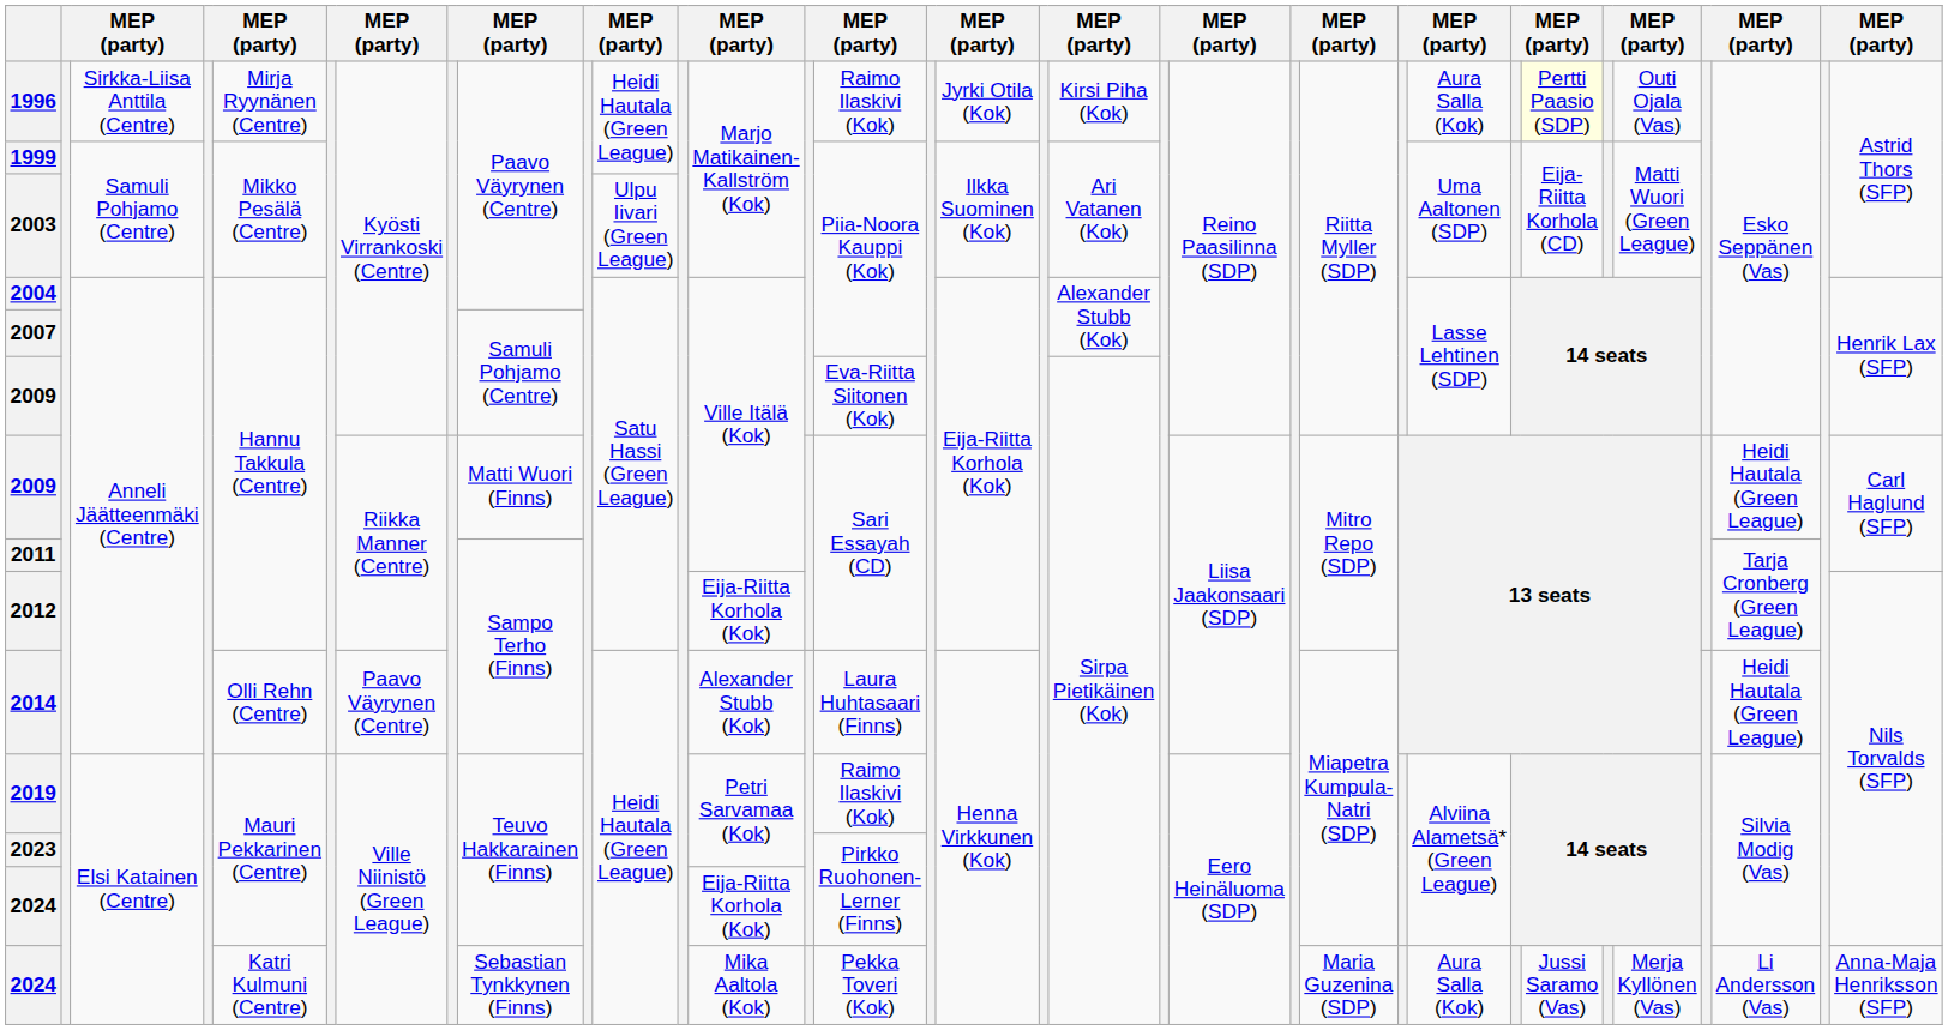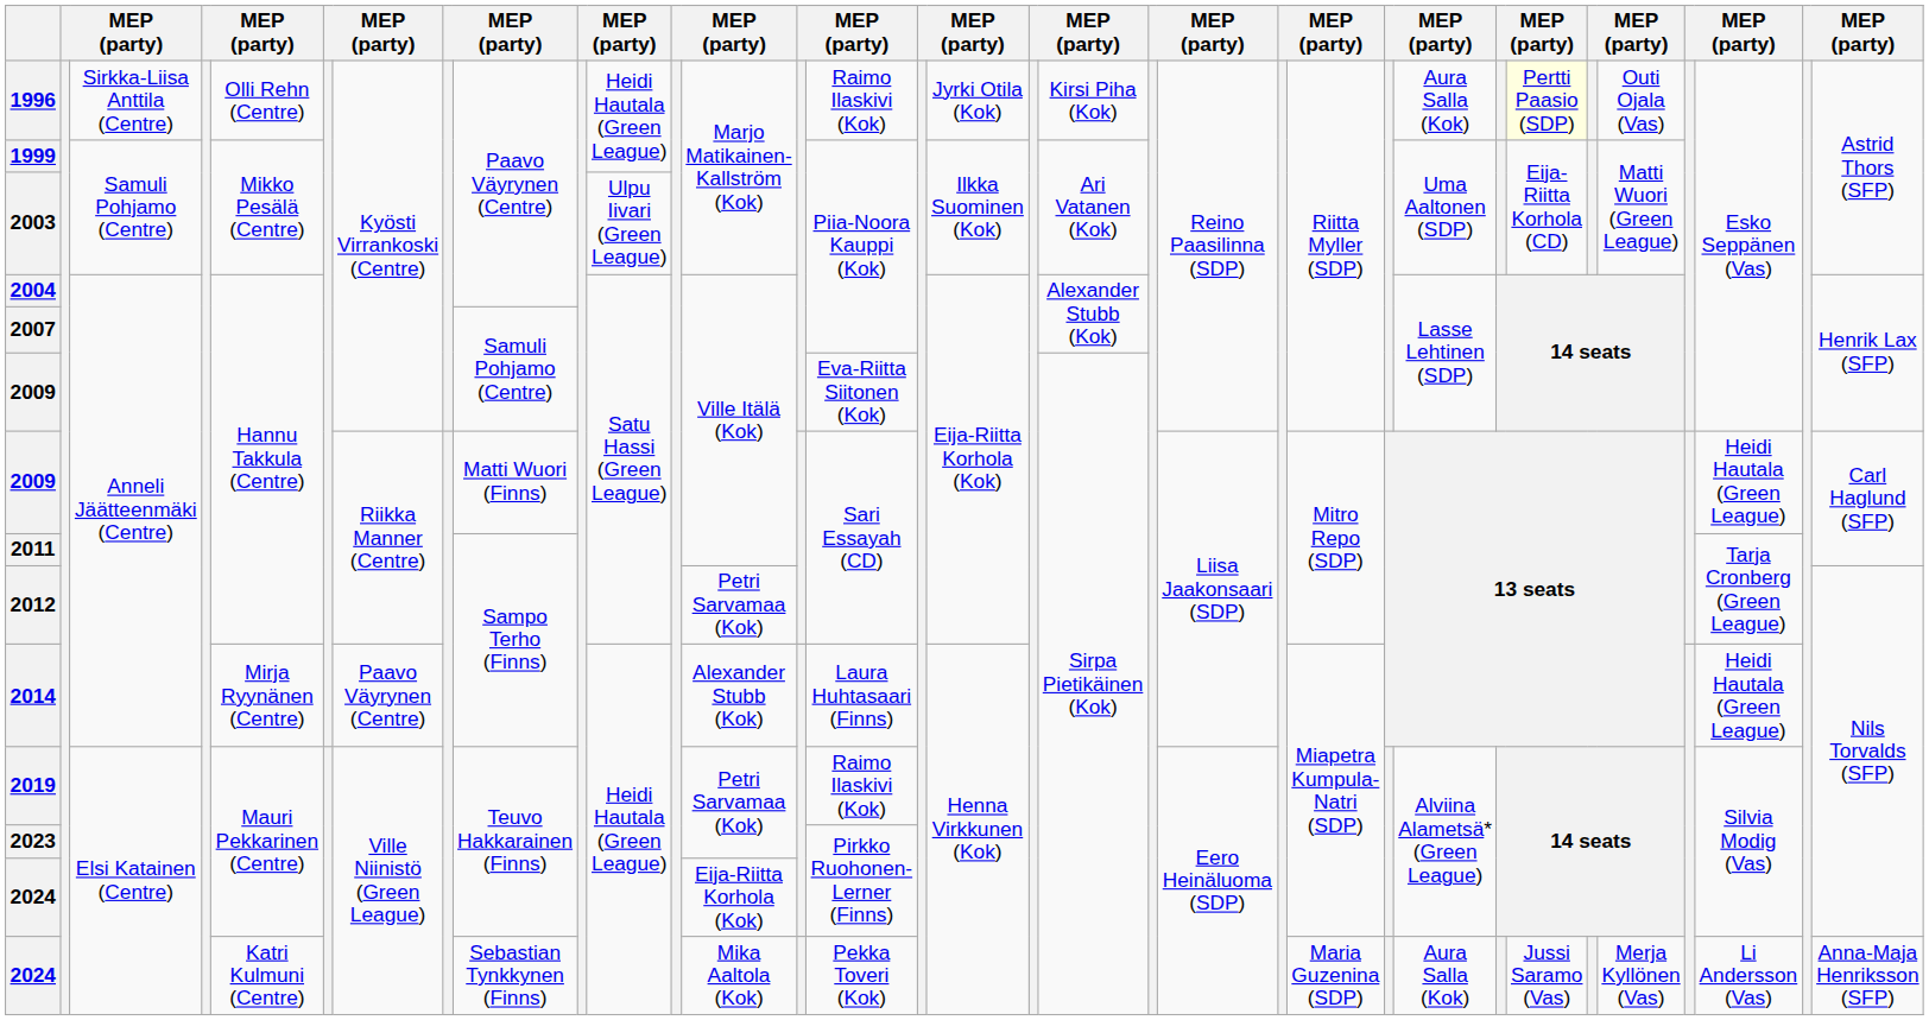 <table class="wikitable" style="text-align:center">
 <tr>
 <th></th>
 <th colspan=2>MEP<br>(party)</th>
 <th colspan=2>MEP<br>(party)</th>
 <th colspan=2>MEP<br>(party)</th>
 <th colspan=2>MEP<br>(party)</th>
 <th colspan=2>MEP<br>(party)</th>
 <th colspan=2>MEP<br>(party)</th>
 <th colspan=2>MEP<br>(party)</th>
 <th colspan=2>MEP<br>(party)</th>
 <th colspan=2>MEP<br>(party)</th>
 <th colspan=2>MEP<br>(party)</th>
 <th colspan=2>MEP<br>(party)</th>
 <th colspan=2>MEP<br>(party)</th>
 <th colspan=2>MEP<br>(party)</th>
 <th colspan=2>MEP<br>(party)</th>
 <th colspan=2>MEP<br>(party)</th>
 <th colspan=2>MEP<br>(party)</th>
 </tr>
 <tr>
 <th><a href='#'>1996</a></th>
 <th rowspan=14 style="background-color: "></th>
 <td rowspan=1><a href='#'>Sirkka-Liisa Anttila</a><br>(<a href='#'>Centre</a>)</td>
 <th rowspan=14 style="background-color: "></th>
-<td rowspan=1><a href='#'>Mirja Ryynänen</a><br>(<a href='#'>Centre</a>)</td>
+<td rowspan=1><a href='#'>Olli Rehn</a><br>(<a href='#'>Centre</a>)</td>
 <th rowspan=10 style="background-color: "></th>
 <td rowspan=6><a href='#'>Kyösti Virrankoski</a><br>(<a href='#'>Centre</a>)</td>
 <th rowspan=6 style="background-color: "></th>
 <td rowspan=4><a href='#'>Paavo Väyrynen</a><br>(<a href='#'>Centre</a>)</td>
 <th rowspan=14 style="background-color: "></th>
 <td rowspan=2><a href='#'>Heidi Hautala</a><br>(<a href='#'>Green League</a>)</td>
 <th rowspan=14 style="background-color: "></th>
 <td rowspan=3><a href='#'>Marjo Matikainen-Kallström</a><br>(<a href='#'>Kok</a>)</td>
 <th rowspan=6 style="background-color: "></th>
 <td rowspan=1><a href='#'>Raimo Ilaskivi</a><br>(<a href='#'>Kok</a>)</td>
 <th rowspan=14 style="background-color: "></th>
 <td rowspan=1><a href='#'>Jyrki Otila</a><br>(<a href='#'>Kok</a>)</td>
 <th rowspan=14 style="background-color: "></th>
 <td rowspan=1><a href='#'>Kirsi Piha</a><br>(<a href='#'>Kok</a>)</td>
 <th rowspan=14 style="background-color: "></th>
 <td rowspan=6><a href='#'>Reino Paasilinna</a><br>(<a href='#'>SDP</a>)</td>
 <th rowspan=14 style="background-color: "></th>
 <td rowspan=6><a href='#'>Riitta Myller</a><br>(<a href='#'>SDP</a>)</td>
 <th rowspan=6 style="background-color: "></th>
 <td rowspan=1><a href='#'>Aura Salla</a><br>(<a href='#'>Kok</a>)</td>
 <th rowspan=1 style="background-color: "></th>
 <td rowspan=1 style="background: lightyellow;"><a href='#'>Pertti Paasio</a><br>(<a href='#'>SDP</a>)</td>
 <th rowspan=1 style="background-color: "></th>
 <td rowspan=1><a href='#'>Outi Ojala</a><br>(<a href='#'>Vas</a>)</td>
 <th rowspan=6 style="background-color: "></th>
 <td rowspan=6><a href='#'>Esko Seppänen</a><br>(<a href='#'>Vas</a>)</td>
 <th rowspan=15 style="background-color: "></th>
 <td rowspan=3><a href='#'>Astrid Thors</a><br>(<a href='#'>SFP</a>)</td>
 </tr>
 <tr>
 <th><a href='#'>1999</a></th>
 <td rowspan=2><a href='#'>Samuli Pohjamo</a><br>(<a href='#'>Centre</a>)</td>
 <td rowspan=2><a href='#'>Mikko Pesälä</a><br>(<a href='#'>Centre</a>)</td>
 <td rowspan=4><a href='#'>Piia-Noora Kauppi</a><br>(<a href='#'>Kok</a>)</td>
 <td rowspan=2><a href='#'>Ilkka Suominen</a><br>(<a href='#'>Kok</a>)</td>
 <td rowspan=2><a href='#'>Ari Vatanen</a><br>(<a href='#'>Kok</a>)</td>
 <td rowspan=2><a href='#'>Uma Aaltonen</a><br>(<a href='#'>SDP</a>)</td>
 <th rowspan=2 style="background-color: "></th>
 <td rowspan=2><a href='#'>Eija-Riitta Korhola</a><br>(<a href='#'>CD</a>)</td>
 <th rowspan=2 style="background-color: "></th>
 <td rowspan=2><a href='#'>Matti Wuori</a><br>(<a href='#'>Green League</a>)</td>
 </tr>
 <tr>
 <th>2003</th>
 <td rowspan=1><a href='#'>Ulpu Iivari</a><br>(<a href='#'>Green League</a>)</td>
 </tr>
 <tr>
 <th><a href='#'>2004</a></th>
 <td rowspan=7><a href='#'>Anneli Jäätteenmäki</a><br>(<a href='#'>Centre</a>)</td>
 <td rowspan=6><a href='#'>Hannu Takkula</a><br>(<a href='#'>Centre</a>)</td>
 <td rowspan=6><a href='#'>Satu Hassi</a><br>(<a href='#'>Green League</a>)</td>
 <td rowspan=5><a href='#'>Ville Itälä</a><br>(<a href='#'>Kok</a>)</td>
 <td rowspan=6><a href='#'>Eija-Riitta Korhola</a><br>(<a href='#'>Kok</a>)</td>
 <td rowspan=2><a href='#'>Alexander Stubb</a><br>(<a href='#'>Kok</a>)</td>
 <td rowspan=3><a href='#'>Lasse Lehtinen</a><br>(<a href='#'>SDP</a>)</td>
 <th colspan=4; rowspan=3>14 seats</th>
 <td rowspan=3><a href='#'>Henrik Lax</a><br>(<a href='#'>SFP</a>)</td>
 </tr>
 <tr>
 <th>2007</th>
 <td rowspan=2><a href='#'>Samuli Pohjamo</a><br>(<a href='#'>Centre</a>)</td>
 </tr>
 <tr>
 <th>2009</th>
 <td rowspan=1><a href='#'>Eva-Riitta Siitonen</a><br>(<a href='#'>Kok</a>)</td>
 <td rowspan=9><a href='#'>Sirpa Pietikäinen</a><br>(<a href='#'>Kok</a>)</td>
 </tr>
 <tr>
 <th><a href='#'>2009</a></th>
 <td rowspan=3><a href='#'>Riikka Manner</a><br>(<a href='#'>Centre</a>)</td>
 <th rowspan=8 style="background-color: "></th>
 <td rowspan=1><a href='#'>Matti Wuori</a><br>(<a href='#'>Finns</a>)</td>
 <th rowspan=3 style="background-color: "></th>
 <td rowspan=3><a href='#'>Sari Essayah</a><br>(<a href='#'>CD</a>)</td>
 <td rowspan=4><a href='#'>Liisa Jaakonsaari</a><br>(<a href='#'>SDP</a>)</td>
 <td rowspan=3><a href='#'>Mitro Repo</a><br>(<a href='#'>SDP</a>)</td>
 <th colspan=6; rowspan=4>13 seats</th>
 <th rowspan=3 style="background-color: "></th>
 <td rowspan=1><a href='#'>Heidi Hautala</a><br>(<a href='#'>Green League</a>)</td>
 <td rowspan=2><a href='#'>Carl Haglund</a><br>(<a href='#'>SFP</a>)</td>
 </tr>
 <tr>
 <th>2011</th>
 <td rowspan=3><a href='#'>Sampo Terho</a><br>(<a href='#'>Finns</a>)</td>
 <td rowspan=2><a href='#'>Tarja Cronberg</a><br>(<a href='#'>Green League</a>)</td>
 </tr>
 <tr>
 <th>2012</th>
-<td rowspan=1><a href='#'>Eija-Riitta Korhola</a><br>(<a href='#'>Kok</a>)</td>
+<td rowspan=1><a href='#'>Petri Sarvamaa</a><br>(<a href='#'>Kok</a>)</td>
 <td rowspan=5><a href='#'>Nils Torvalds</a><br>(<a href='#'>SFP</a>)</td>
 </tr>
 <tr>
 <th><a href='#'>2014</a></th>
-<td rowspan=1><a href='#'>Olli Rehn</a><br>(<a href='#'>Centre</a>)</td>
+<td rowspan=1><a href='#'>Mirja Ryynänen</a><br>(<a href='#'>Centre</a>)</td>
 <td rowspan=1><a href='#'>Paavo Väyrynen</a><br>(<a href='#'>Centre</a>)</td>
 <td rowspan=5><a href='#'>Heidi Hautala</a><br>(<a href='#'>Green League</a>)</td>
 <td rowspan=1><a href='#'>Alexander Stubb</a><br>(<a href='#'>Kok</a>)</td>
 <th rowspan=4 style="background-color: "></th>
 <td rowspan=1><a href='#'>Laura Huhtasaari</a><br>(<a href='#'>Finns</a>)</td>
 <td rowspan=5><a href='#'>Henna Virkkunen</a><br>(<a href='#'>Kok</a>)</td>
 <td rowspan=4><a href='#'>Miapetra Kumpula-Natri</a><br>(<a href='#'>SDP</a>)</td>
 <th rowspan=5 style="background-color: "></th>
 <td rowspan=1><a href='#'>Heidi Hautala</a><br>(<a href='#'>Green League</a>)</td>
 </tr>
 <tr>
 <th><a href='#'>2019</a></th>
 <td rowspan=4><a href='#'>Elsi Katainen</a><br>(<a href='#'>Centre</a>)</td>
 <td rowspan=3><a href='#'>Mauri Pekkarinen</a><br>(<a href='#'>Centre</a>)</td>
 <th rowspan=4 style="background-color: "></th>
 <td rowspan=4><a href='#'>Ville Niinistö</a><br>(<a href='#'>Green League</a>)</td>
 <td rowspan=3><a href='#'>Teuvo Hakkarainen</a><br>(<a href='#'>Finns</a>)</td>
 <td rowspan=2><a href='#'>Petri Sarvamaa</a><br>(<a href='#'>Kok</a>)</td>
 <td rowspan=1><a href='#'>Raimo Ilaskivi</a><br>(<a href='#'>Kok</a>)</td>
 <td rowspan=4><a href='#'>Eero Heinäluoma</a><br>(<a href='#'>SDP</a>)</td>
 <th rowspan=3 style="background-color: "></th>
 <td rowspan=3><a href='#'>Alviina Alametsä</a>*<br>(<a href='#'>Green League</a>)</td>
 <th colspan=4; rowspan=3>14 seats</th>
 <td rowspan=3><a href='#'>Silvia Modig</a><br>(<a href='#'>Vas</a>)</td>
 </tr>
 <tr>
 <th>2023</th>
 <td rowspan=2><a href='#'>Pirkko Ruohonen-Lerner</a><br>(<a href='#'>Finns</a>)</td>
 </tr>
 <tr>
 <th>2024</th>
 <td rowspan=1><a href='#'>Eija-Riitta Korhola</a><br>(<a href='#'>Kok</a>)</td>
 </tr>
 <tr>
 <th><a href='#'>2024</a></th>
 <td rowspan=1><a href='#'>Katri Kulmuni</a><br>(<a href='#'>Centre</a>)</td>
 <td rowspan=1><a href='#'>Sebastian Tynkkynen</a><br>(<a href='#'>Finns</a>)</td>
 <td rowspan=1><a href='#'>Mika Aaltola</a><br>(<a href='#'>Kok</a>)</td>
 <th rowspan=1 style="background-color: "></th>
 <td rowspan=1><a href='#'>Pekka Toveri</a><br>(<a href='#'>Kok</a>)</td>
 <td rowspan=1><a href='#'>Maria Guzenina</a><br>(<a href='#'>SDP</a>)</td>
 <th rowspan=1 style="background-color: "></th>
 <td rowspan=1><a href='#'>Aura Salla</a><br>(<a href='#'>Kok</a>)</td>
 <th rowspan=1 style="background-color: "></th>
 <td rowspan=1><a href='#'>Jussi Saramo</a><br>(<a href='#'>Vas</a>)</td>
 <th rowspan=1 style="background-color: "></th>
 <td rowspan=1><a href='#'>Merja Kyllönen</a><br>(<a href='#'>Vas</a>)</td>
 <td rowspan=1><a href='#'>Li Andersson</a><br>(<a href='#'>Vas</a>)</td>
 <td rowspan=1><a href='#'>Anna-Maja Henriksson</a><br>(<a href='#'>SFP</a>)</td>
 </tr>
 </table>
